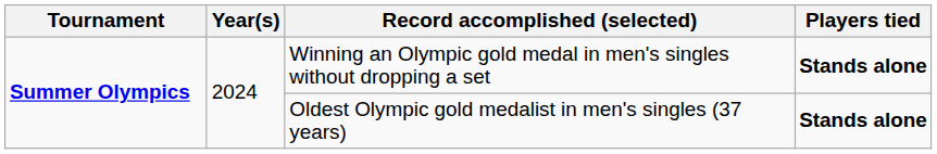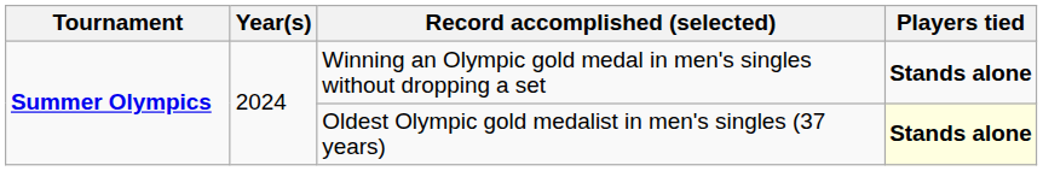 <table class="wikitable">
 <tr>
 <th width="150">Tournament</th>
 <th>Year(s)</th>
 <th width="390">Record accomplished (selected)</th>
 <th>Players tied</th>
 </tr>
 <tr>
 <td rowspan="2"><strong><a href='#'>Summer Olympics</a></strong></td>
 <td rowspan="2">2024</td>
 <td>Winning an Olympic gold medal in men's singles without dropping a set</td>
 <td><strong>Stands alone</strong></td>
 </tr>
 <tr>
 <td>Oldest Olympic gold medalist in men's singles (37 years)</td>
-<td><strong>Stands alone</strong></td>
+<td style="background: lightyellow;"><strong>Stands alone</strong></td>
 </tr>
 </table>
